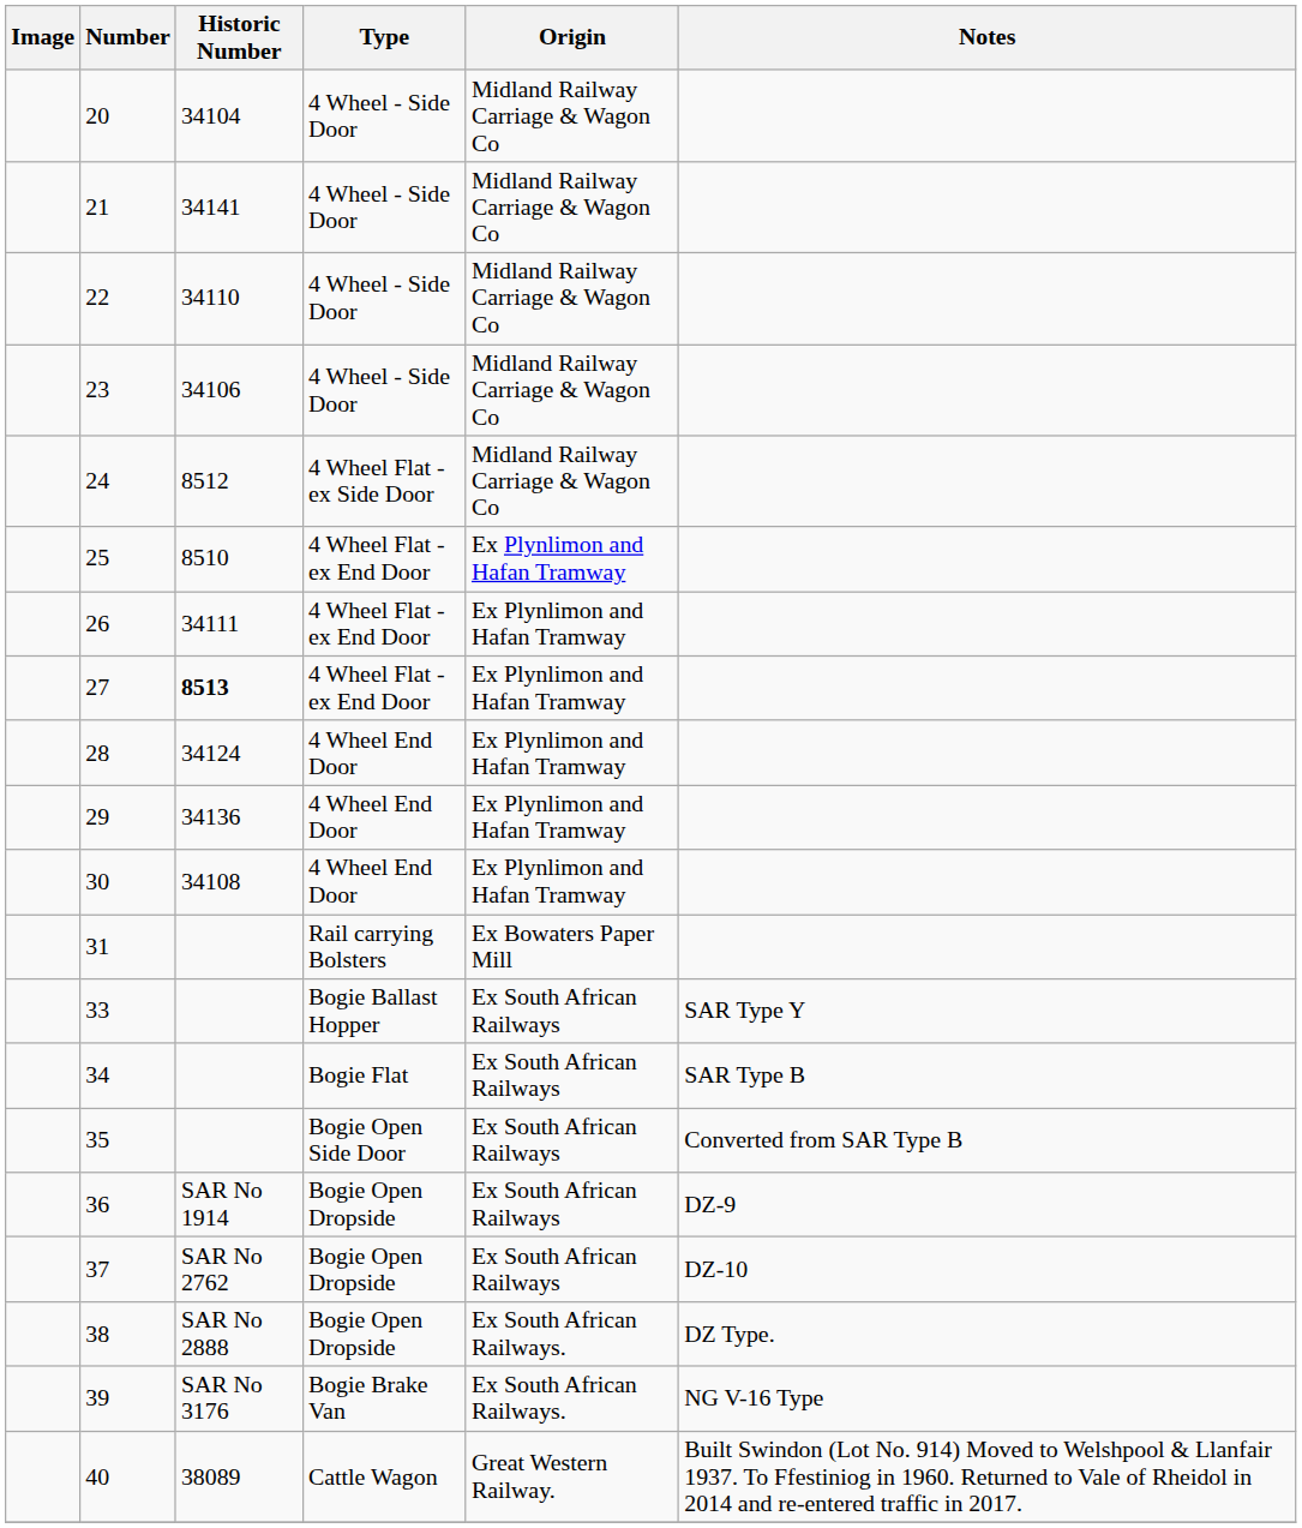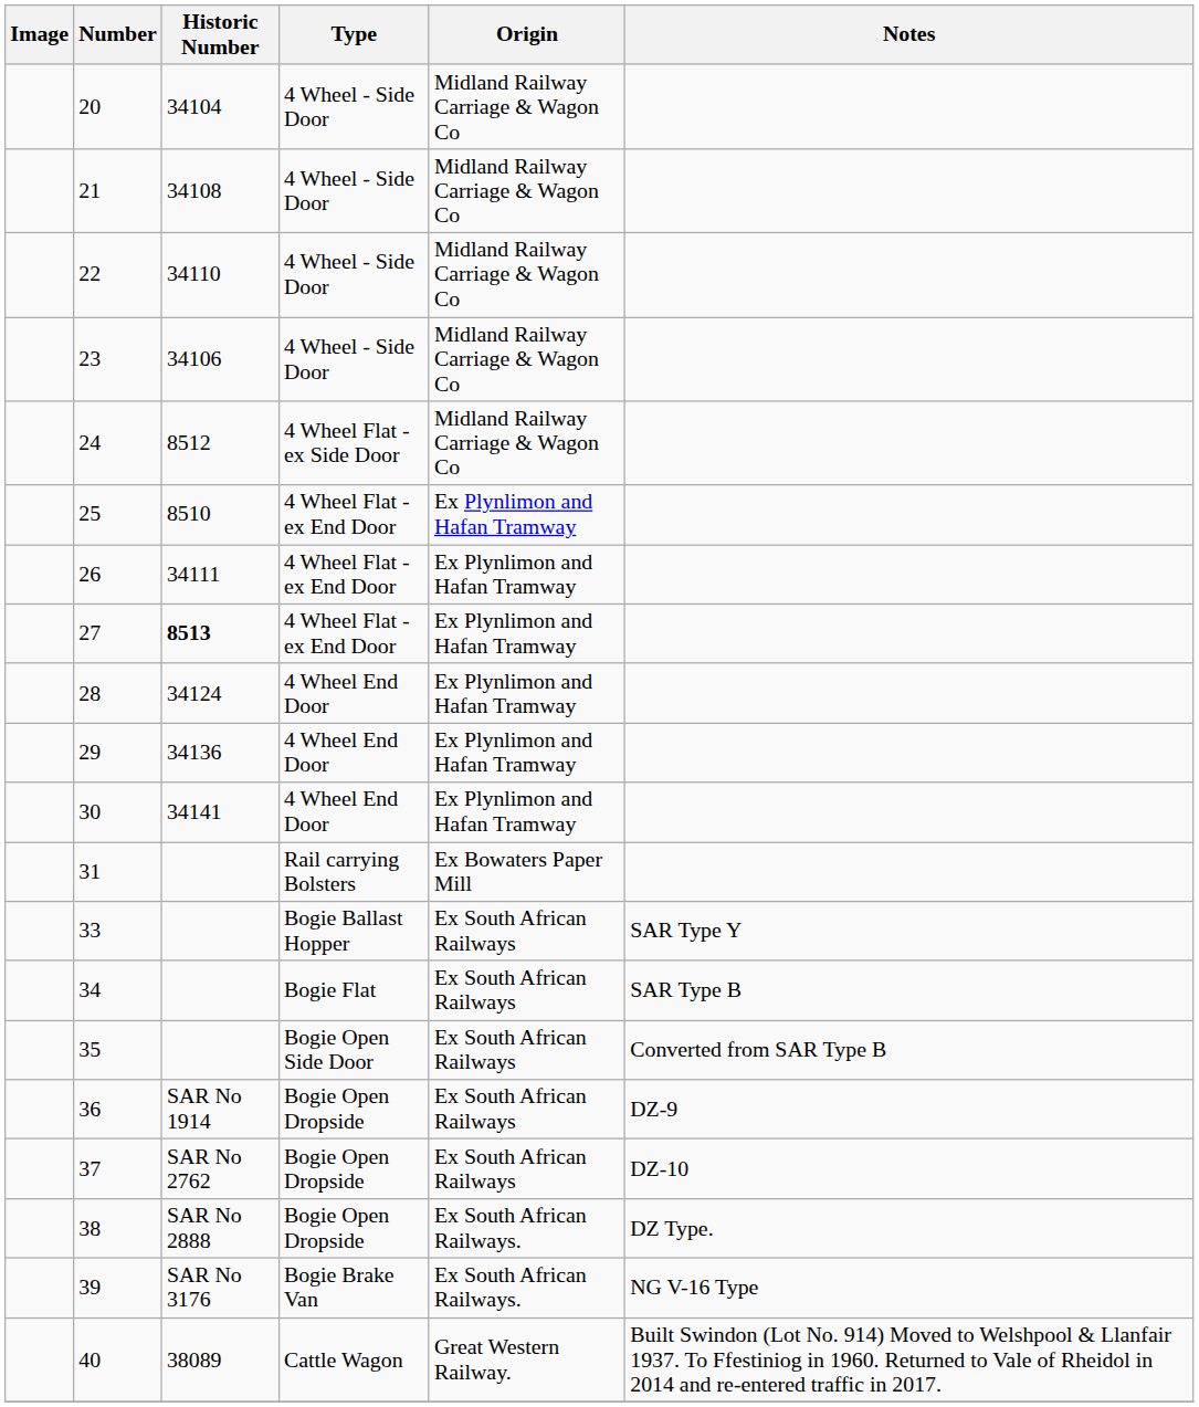 <table class="wikitable">
 <tr>
 <th>Image</th>
 <th>Number</th>
 <th>Historic Number</th>
 <th>Type</th>
 <th>Origin</th>
 <th>Notes</th>
 </tr>
 <tr>
 <td></td>
 <td>20</td>
 <td>34104</td>
 <td>4 Wheel - Side Door</td>
 <td>Midland Railway Carriage & Wagon Co</td>
 <td></td>
 </tr>
 <tr>
 <td></td>
 <td>21</td>
-<td>34141</td>
+<td>34108</td>
 <td>4 Wheel - Side Door</td>
 <td>Midland Railway Carriage & Wagon Co</td>
 <td></td>
 </tr>
 <tr>
 <td></td>
 <td>22</td>
 <td>34110</td>
 <td>4 Wheel - Side Door</td>
 <td>Midland Railway Carriage & Wagon Co</td>
 <td></td>
 </tr>
 <tr>
 <td></td>
 <td>23</td>
 <td>34106</td>
 <td>4 Wheel - Side Door</td>
 <td>Midland Railway Carriage & Wagon Co</td>
 <td></td>
 </tr>
 <tr>
 <td></td>
 <td>24</td>
 <td>8512</td>
 <td>4 Wheel Flat - ex Side Door</td>
 <td>Midland Railway Carriage & Wagon Co</td>
 <td></td>
 </tr>
 <tr>
 <td></td>
 <td>25</td>
 <td>8510</td>
 <td>4 Wheel Flat - ex End Door</td>
 <td>Ex <a href='#'>Plynlimon and Hafan Tramway</a></td>
 <td></td>
 </tr>
 <tr>
 <td></td>
 <td>26</td>
 <td>34111</td>
 <td>4 Wheel Flat - ex End Door</td>
 <td>Ex Plynlimon and Hafan Tramway</td>
 <td></td>
 </tr>
 <tr>
 <td></td>
 <td>27</td>
 <td><strong>8513</strong></td>
 <td>4 Wheel Flat - ex End Door</td>
 <td>Ex Plynlimon and Hafan Tramway</td>
 <td></td>
 </tr>
 <tr>
 <td></td>
 <td>28</td>
 <td>34124</td>
 <td>4 Wheel End Door</td>
 <td>Ex Plynlimon and Hafan Tramway</td>
 <td></td>
 </tr>
 <tr>
 <td></td>
 <td>29</td>
 <td>34136</td>
 <td>4 Wheel End Door</td>
 <td>Ex Plynlimon and Hafan Tramway</td>
 <td></td>
 </tr>
 <tr>
 <td></td>
 <td>30</td>
-<td>34108</td>
+<td>34141</td>
 <td>4 Wheel End Door</td>
 <td>Ex Plynlimon and Hafan Tramway </td>
 <td></td>
 </tr>
 <tr>
 <td></td>
 <td>31</td>
 <td></td>
 <td>Rail carrying Bolsters</td>
 <td>Ex Bowaters Paper Mill</td>
 <td></td>
 </tr>
 <tr>
 <td></td>
 <td>33</td>
 <td></td>
 <td>Bogie Ballast Hopper</td>
 <td>Ex South African Railways</td>
 <td>SAR Type Y </td>
 </tr>
 <tr>
 <td></td>
 <td>34</td>
 <td></td>
 <td>Bogie Flat</td>
 <td>Ex South African Railways</td>
 <td>SAR Type B </td>
 </tr>
 <tr>
 <td></td>
 <td>35</td>
 <td></td>
 <td>Bogie Open Side Door</td>
 <td>Ex South African Railways</td>
 <td>Converted from SAR Type B </td>
 </tr>
 <tr>
 <td></td>
 <td>36</td>
 <td>SAR No 1914</td>
 <td>Bogie Open Dropside</td>
 <td>Ex South African Railways</td>
 <td>DZ-9 </td>
 </tr>
 <tr>
 <td></td>
 <td>37</td>
 <td>SAR No 2762</td>
 <td>Bogie Open Dropside</td>
 <td>Ex South African Railways</td>
 <td>DZ-10 </td>
 </tr>
 <tr>
 <td></td>
 <td>38</td>
 <td>SAR No 2888</td>
 <td>Bogie Open Dropside</td>
 <td>Ex South African Railways.</td>
 <td>DZ Type. </td>
 </tr>
 <tr>
 <td></td>
 <td>39</td>
 <td>SAR No 3176</td>
 <td>Bogie Brake Van</td>
 <td>Ex South African Railways.</td>
 <td>NG V-16 Type </td>
 </tr>
 <tr>
 <td></td>
 <td>40</td>
 <td>38089</td>
 <td>Cattle Wagon</td>
 <td>Great Western Railway.</td>
 <td>Built Swindon (Lot No. 914) Moved to Welshpool & Llanfair 1937. To Ffestiniog in 1960. Returned to Vale of Rheidol in 2014 and re-entered traffic in 2017. </td>
 </tr>
 <tr>
 </tr>
 </table>
